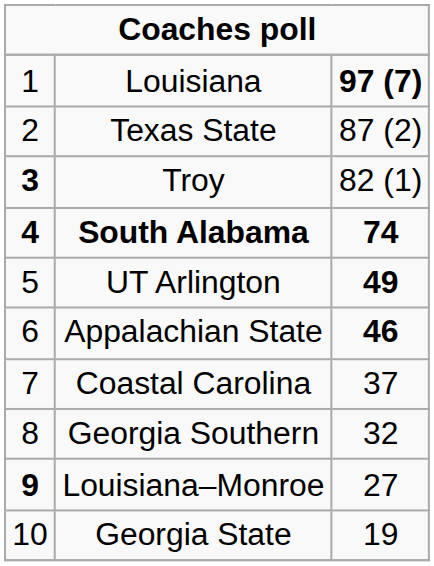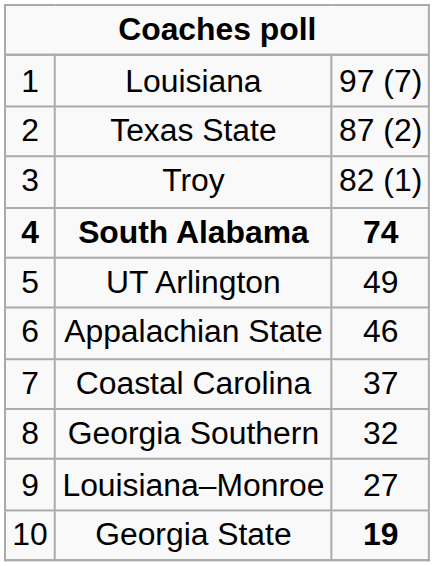 <table class="wikitable">
 <tr align="center">
 <td align="center" Colspan="3"><strong>Coaches poll</strong></td>
 </tr>
 <tr align="center">
 </tr>
 <tr align="center">
 <td>1</td>
 <td>Louisiana</td>
-<td><strong>97 (7)</strong></td>
+<td>97 (7)</td>
 </tr>
 <tr align="center">
 <td>2</td>
 <td>Texas State</td>
 <td>87 (2)</td>
 </tr>
 <tr align="center">
-<td><strong>3</strong></td>
+<td>3</td>
 <td>Troy</td>
 <td>82 (1)</td>
 </tr>
 <tr align="center">
 <td><strong>4</strong></td>
 <td><strong>South Alabama</strong></td>
 <td><strong>74</strong></td>
 </tr>
 <tr align="center">
 <td>5</td>
 <td>UT Arlington</td>
-<td><strong>49</strong></td>
+<td>49</td>
 </tr>
 <tr align="center">
 <td>6</td>
 <td>Appalachian State</td>
-<td><strong>46</strong></td>
+<td>46</td>
 </tr>
 <tr align="center">
 <td>7</td>
 <td>Coastal Carolina</td>
 <td>37</td>
 </tr>
 <tr align="center">
 <td>8</td>
 <td>Georgia Southern</td>
 <td>32</td>
 </tr>
 <tr align="center">
-<td><strong>9</strong></td>
+<td>9</td>
 <td>Louisiana–Monroe</td>
 <td>27</td>
 </tr>
 <tr align="center">
 <td>10</td>
 <td>Georgia State</td>
-<td>19</td>
+<td><strong>19</strong></td>
 </tr>
 <tr align="center">
 </tr>
 </table>
